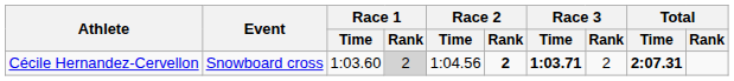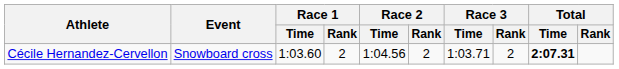 <table class="wikitable" style="font-size:90%">
 <tr>
 <th rowspan="2">Athlete</th>
 <th rowspan="2">Event</th>
 <th colspan=2>Race 1</th>
 <th colspan=2>Race 2</th>
 <th colspan=2>Race 3</th>
 <th colspan=2>Total</th>
 </tr>
 <tr style="font-size:95%">
 <th>Time</th>
 <th>Rank</th>
 <th>Time</th>
 <th>Rank</th>
 <th>Time</th>
 <th>Rank</th>
 <th>Time</th>
 <th>Rank</th>
 </tr>
 <tr align=center>
 <td align=left><a href='#'>Cécile Hernandez-Cervellon</a></td>
 <td align=left><a href='#'>Snowboard cross</a></td>
 <td>1:03.60</td>
-<td style="background: lightgrey;">2</td>
+<td>2</td>
 <td>1:04.56</td>
-<td><strong>2</strong></td>
-<td><strong>1:03.71</strong></td>
+<td>2</td>
+<td>1:03.71</td>
 <td>2</td>
 <td><strong>2:07.31</strong></td>
 <td></td>
 </tr>
 </table>
